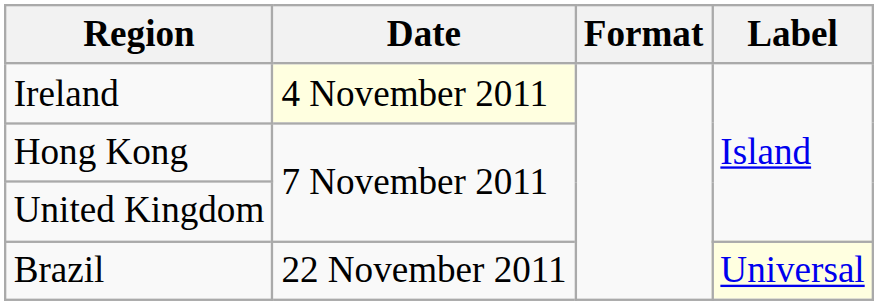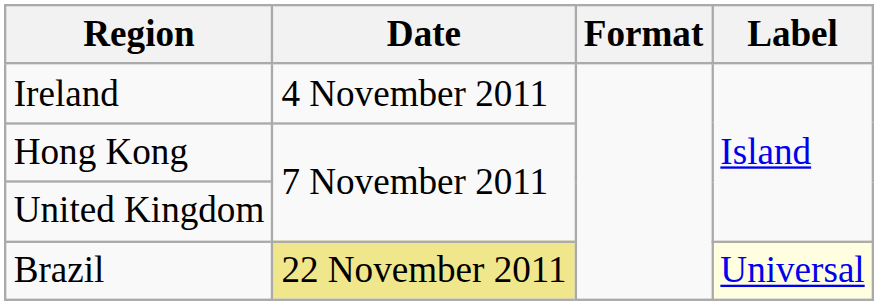 <table class=wikitable>
 <tr>
 <th>Region</th>
 <th>Date</th>
 <th>Format</th>
 <th>Label</th>
 </tr>
 <tr>
 <td>Ireland</td>
-<td style="background: lightyellow;">4 November 2011</td>
+<td>4 November 2011</td>
 <td rowspan="4"></td>
 <td rowspan="3"><a href='#'>Island</a></td>
 </tr>
 <tr>
 <td>Hong Kong</td>
 <td rowspan="2">7 November 2011</td>
 </tr>
 <tr>
 <td>United Kingdom</td>
 </tr>
 <tr>
 <td>Brazil</td>
-<td>22 November 2011</td>
+<td style="background: khaki;">22 November 2011</td>
 <td style="background: lightyellow;"><a href='#'>Universal</a></td>
 </tr>
 </table>
